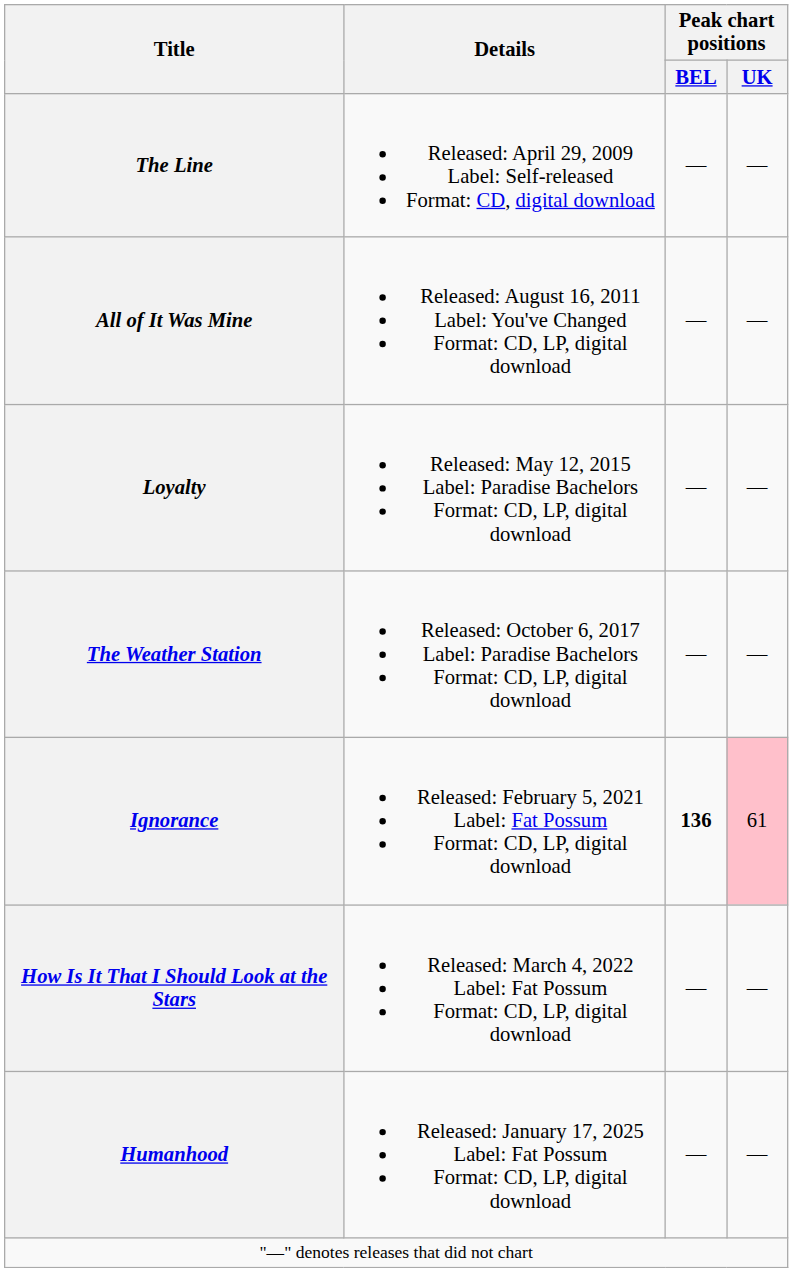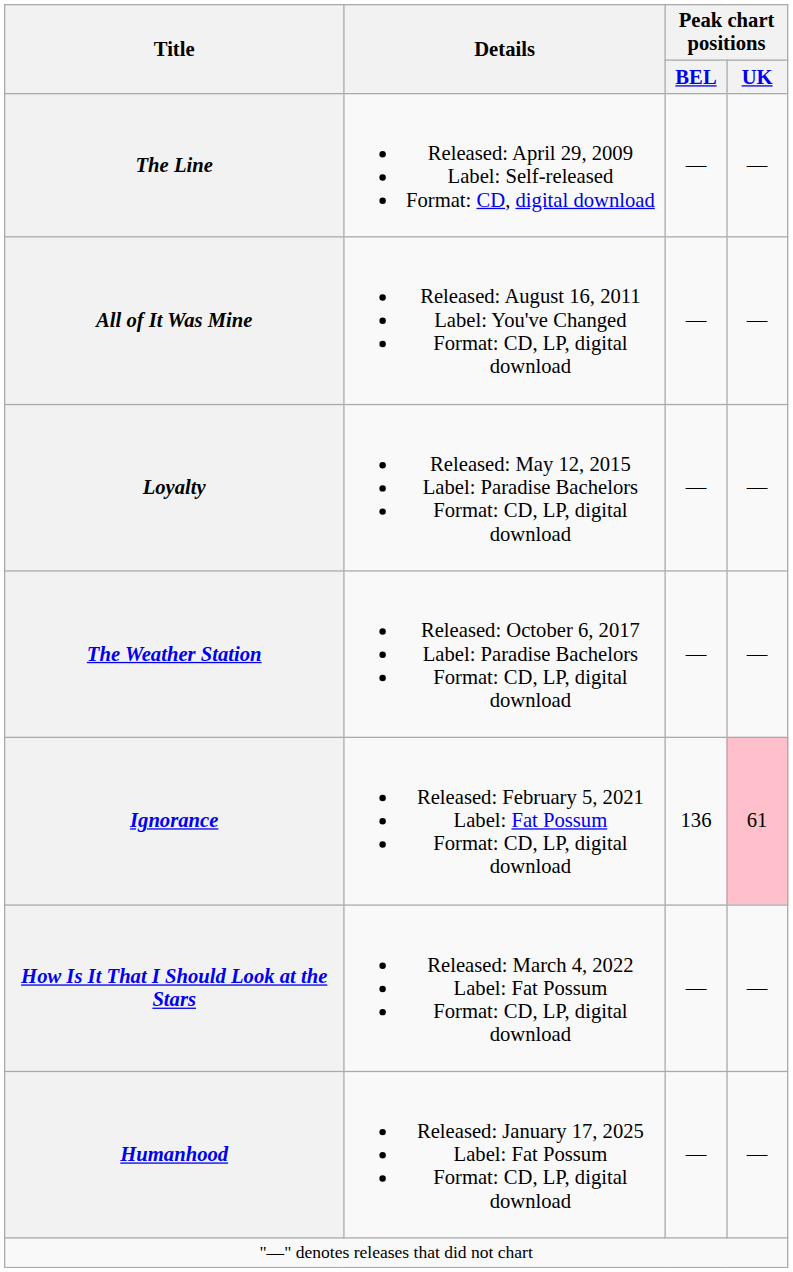 <table class="wikitable plainrowheaders" style="text-align:center;">
 <tr>
 <th rowspan="2">Title</th>
 <th rowspan="2">Details</th>
 <th colspan="2">Peak chart positions</th>
 </tr>
 <tr>
 <th style="width:40px;"><a href='#'>BEL</a><br></th>
 <th style="width:40px;"><a href='#'>UK</a><br></th>
 </tr>
 <tr>
 <th scope="row"><em>The Line</em></th>
 <td><br><ul><li>Released: April 29, 2009</li><li>Label: Self-released</li><li>Format: <a href='#'>CD</a>, <a href='#'>digital download</a></li></ul></td>
 <td>—</td>
 <td>—</td>
 </tr>
 <tr>
 <th scope="row"><em>All of It Was Mine</em></th>
 <td><br><ul><li>Released: August 16, 2011</li><li>Label: You've Changed</li><li>Format: CD, LP, digital download</li></ul></td>
 <td>—</td>
 <td>—</td>
 </tr>
 <tr>
 <th scope="row"><em>Loyalty</em></th>
 <td><br><ul><li>Released: May 12, 2015</li><li>Label: Paradise Bachelors</li><li>Format: CD, LP, digital download</li></ul></td>
 <td>—</td>
 <td>—</td>
 </tr>
 <tr>
 <th scope="row"><em><a href='#'>The Weather Station</a></em></th>
 <td><br><ul><li>Released: October 6, 2017</li><li>Label: Paradise Bachelors</li><li>Format: CD, LP, digital download</li></ul></td>
 <td>—</td>
 <td>—</td>
 </tr>
 <tr>
 <th scope="row"><em><a href='#'>Ignorance</a></em></th>
 <td><br><ul><li>Released: February 5, 2021</li><li>Label: <a href='#'>Fat Possum</a></li><li>Format: CD, LP, digital download</li></ul></td>
-<td><strong>136</strong></td>
+<td>136</td>
 <td style="background: pink;">61</td>
 </tr>
 <tr>
 <th scope="row"><em><a href='#'>How Is It That I Should Look at the Stars</a></em></th>
 <td><br><ul><li>Released: March 4, 2022</li><li>Label: Fat Possum</li><li>Format: CD, LP, digital download</li></ul></td>
 <td>—</td>
 <td>—</td>
 </tr>
 <tr>
 <th scope="row"><em><a href='#'>Humanhood</a></em></th>
 <td><br><ul><li>Released: January 17, 2025</li><li>Label: Fat Possum</li><li>Format: CD, LP, digital download</li></ul></td>
 <td>—</td>
 <td>—</td>
 </tr>
 <tr>
 <td colspan="11" style="font-size:85%">"—" denotes releases that did not chart</td>
 </tr>
 </table>
